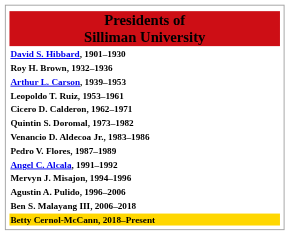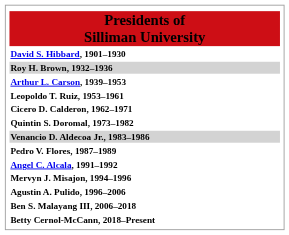 <table style="float:right; margin:1em 1em 1em 1em; width:19em; border: 1px solid #a0a0a0; padding: 2px; bg-color=yellow; text-align:right;" width:"250px;">
 <tr style="text-align:center;">
 </tr>
 <tr bgcolor="cd0e15" align="center">
 <td><span><strong>Presidents of<br> Silliman University</strong></span></td>
 </tr>
 <tr style="text-align:left; font-size:x-small;">
 <td><strong><a href='#'>David S. Hibbard</a>, 1901–1930</strong></td>
 </tr>
 <tr style="text-align:left; font-size:x-small;">
-<td><strong>Roy H. Brown, 1932–1936</strong></td>
+<td style="background: lightgrey;"><strong>Roy H. Brown, 1932–1936</strong></td>
 </tr>
 <tr style="text-align:left; font-size:x-small;">
 <td><strong><a href='#'>Arthur L. Carson</a>, 1939–1953</strong></td>
 </tr>
 <tr style="text-align:left; font-size:x-small;">
 <td><strong>Leopoldo T. Ruiz, 1953–1961</strong></td>
 </tr>
 <tr style="text-align:left; font-size:x-small;">
 <td><strong>Cicero D. Calderon, 1962–1971</strong></td>
 </tr>
 <tr style="text-align:left; font-size:x-small;">
 <td><strong>Quintin S. Doromal, 1973–1982</strong></td>
 </tr>
 <tr style="text-align:left; font-size:x-small;">
-<td><strong>Venancio D. Aldecoa Jr., 1983–1986</strong></td>
+<td style="background: lightgrey;"><strong>Venancio D. Aldecoa Jr., 1983–1986</strong></td>
 </tr>
 <tr style="text-align:left; font-size:x-small;">
 <td><strong>Pedro V. Flores, 1987–1989</strong></td>
 </tr>
 <tr style="text-align:left; font-size:x-small;">
 <td><strong><a href='#'>Angel C. Alcala</a>, 1991–1992</strong></td>
 </tr>
 <tr style="text-align:left; font-size:x-small;">
 <td><strong>Mervyn J. Misajon, 1994–1996</strong></td>
 </tr>
 <tr style="text-align:left; font-size:x-small;">
 <td><strong>Agustin A. Pulido, 1996–2006</strong></td>
 </tr>
 <tr style="text-align:left; font-size:x-small;">
 <td><strong>Ben S. Malayang III, 2006–2018</strong></td>
 </tr>
 <tr style="text-align:left; font-size:x-small;">
-<td style="background: gold;"><strong>Betty Cernol-McCann, 2018–Present</strong></td>
+<td><strong>Betty Cernol-McCann, 2018–Present</strong></td>
 </tr>
 </table>
